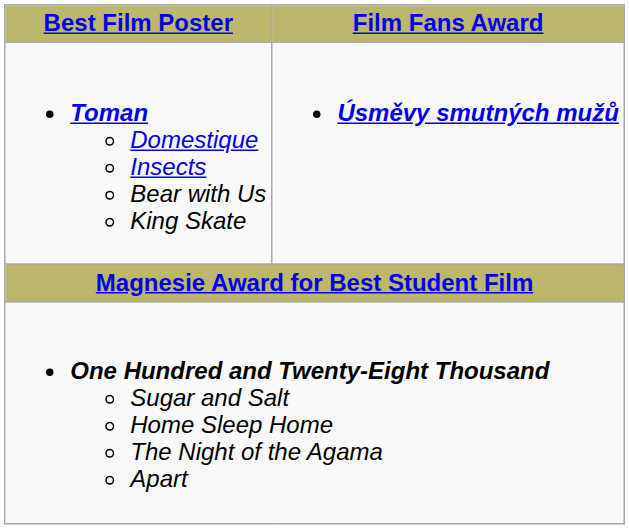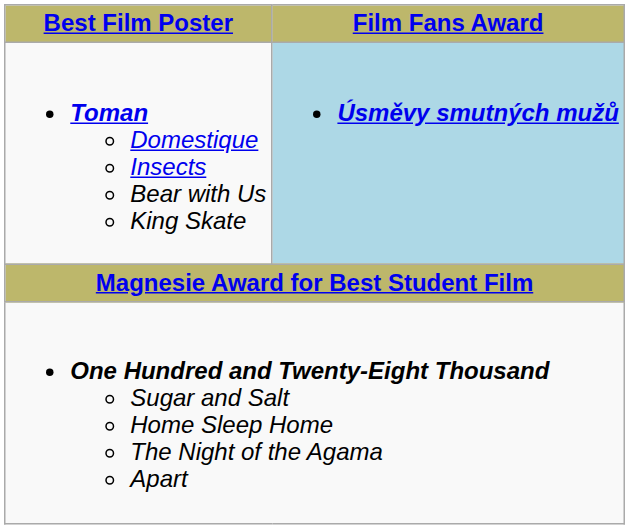 <table class=wikitable>
 <tr>
 <th style="background:#BDB76B;"><a href='#'>Best Film Poster</a></th>
 <th style="background:#BDB76B;"><a href='#'>Film Fans Award</a></th>
 </tr>
 <tr>
 <td valign="top"><br><ul><li><strong><em><a href='#'>Toman</a></em></strong><ul><li><em><a href='#'>Domestique</a></em></li><li><em><a href='#'>Insects</a></em></li><li><em>Bear with Us</em></li><li><em>King Skate</em></li></ul></li></ul></td>
-<td valign="top"><br><ul><li><strong><em><a href='#'>Úsměvy smutných mužů</a></em></strong></li></ul></td>
+<td valign="top" style="background: lightblue;"><br><ul><li><strong><em><a href='#'>Úsměvy smutných mužů</a></em></strong></li></ul></td>
 </tr>
 <tr>
 <th style="background:#BDB76B;" colspan="2"><a href='#'>Magnesie Award for Best Student Film</a></th>
 </tr>
 <tr>
 <td colspan="2"><br><ul><li><strong><em>One Hundred and Twenty-Eight Thousand</em></strong><ul><li><em>Sugar and Salt</em></li><li><em>Home Sleep Home</em></li><li><em>The Night of the Agama</em></li><li><em>Apart</em></li></ul></li></ul></td>
 </tr>
 </table>
